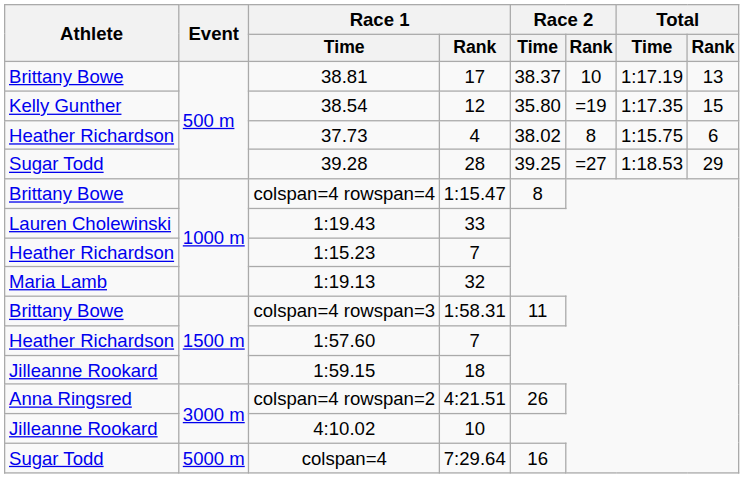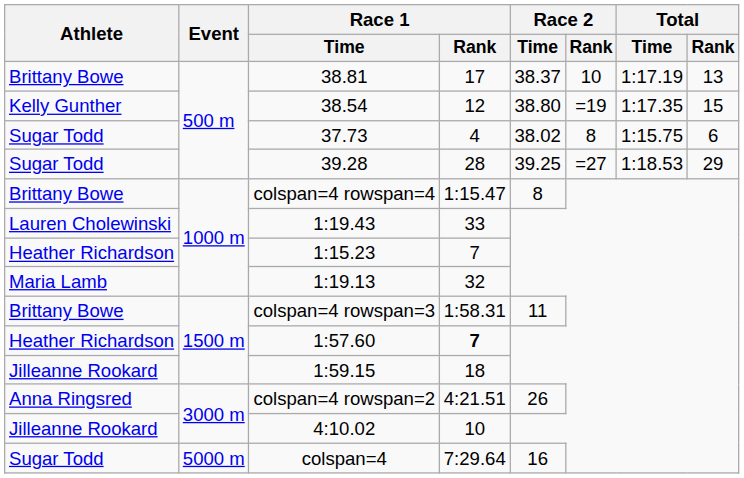 <table class=wikitable style=font-size:90%;text-align:center>
 <tr>
 <th rowspan=2>Athlete</th>
 <th rowspan=2>Event</th>
 <th colspan=2>Race 1</th>
 <th colspan=2>Race 2</th>
 <th colspan=2>Total</th>
 </tr>
 <tr style=font-size:95%>
 <th>Time</th>
 <th>Rank</th>
 <th>Time</th>
 <th>Rank</th>
 <th>Time</th>
 <th>Rank</th>
 </tr>
 <tr>
 <td align=left><a href='#'>Brittany Bowe</a></td>
 <td align=left rowspan=4><a href='#'>500 m</a></td>
 <td>38.81</td>
 <td>17</td>
 <td>38.37</td>
 <td>10</td>
 <td>1:17.19</td>
 <td>13</td>
 </tr>
 <tr>
 <td align=left><a href='#'>Kelly Gunther</a></td>
 <td>38.54</td>
 <td>12</td>
-<td>35.80</td>
+<td>38.80</td>
 <td>=19</td>
 <td>1:17.35</td>
 <td>15</td>
 </tr>
 <tr>
-<td align=left><a href='#'>Heather Richardson</a></td>
+<td align=left><a href='#'>Sugar Todd</a></td>
 <td>37.73</td>
 <td>4</td>
 <td>38.02</td>
 <td>8</td>
 <td>1:15.75</td>
 <td>6</td>
 </tr>
 <tr>
 <td align=left><a href='#'>Sugar Todd</a></td>
 <td>39.28</td>
 <td>28</td>
 <td>39.25</td>
 <td>=27</td>
 <td>1:18.53</td>
 <td>29</td>
 </tr>
 <tr>
 <td align=left><a href='#'>Brittany Bowe</a></td>
 <td align=left rowspan=4><a href='#'>1000 m</a></td>
 <td>colspan=4 rowspan=4 </td>
 <td>1:15.47</td>
 <td>8</td>
 </tr>
 <tr>
 <td align=left><a href='#'>Lauren Cholewinski</a></td>
 <td>1:19.43</td>
 <td>33</td>
 </tr>
 <tr>
 <td align=left><a href='#'>Heather Richardson</a></td>
 <td>1:15.23</td>
 <td>7</td>
 </tr>
 <tr>
 <td align=left><a href='#'>Maria Lamb</a></td>
 <td>1:19.13</td>
 <td>32</td>
 </tr>
 <tr>
 <td align=left><a href='#'>Brittany Bowe</a></td>
 <td align=left rowspan=3><a href='#'>1500 m</a></td>
 <td>colspan=4 rowspan=3 </td>
 <td>1:58.31</td>
 <td>11</td>
 </tr>
 <tr>
 <td align=left><a href='#'>Heather Richardson</a></td>
 <td>1:57.60</td>
-<td>7</td>
+<td><strong>7</strong></td>
 </tr>
 <tr>
 <td align=left><a href='#'>Jilleanne Rookard</a></td>
 <td>1:59.15</td>
 <td>18</td>
 </tr>
 <tr>
 <td align=left><a href='#'>Anna Ringsred</a></td>
 <td align=left rowspan=2><a href='#'>3000 m</a></td>
 <td>colspan=4 rowspan=2 </td>
 <td>4:21.51</td>
 <td>26</td>
 </tr>
 <tr>
 <td align=left><a href='#'>Jilleanne Rookard</a></td>
 <td>4:10.02</td>
 <td>10</td>
 </tr>
 <tr>
 <td align=left><a href='#'>Sugar Todd</a></td>
 <td align=left><a href='#'>5000 m</a></td>
 <td>colspan=4 </td>
 <td>7:29.64</td>
 <td>16</td>
 </tr>
 </table>
